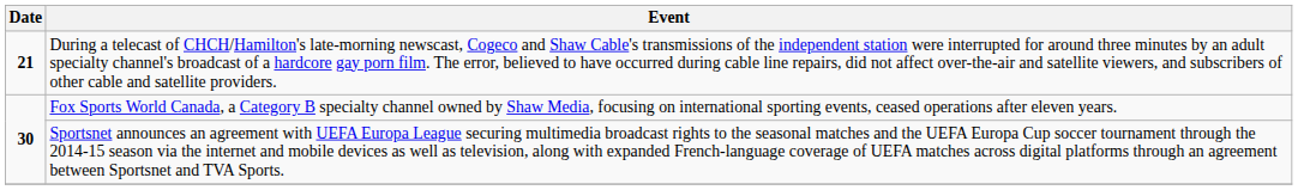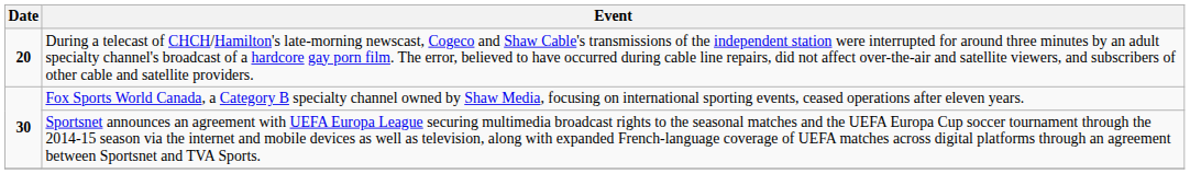 <table class="wikitable">
 <tr>
 <th>Date</th>
 <th>Event</th>
 </tr>
 <tr>
-<td style="text-align:center;"><strong>21</strong></td>
+<td style="text-align:center;"><strong>20</strong></td>
 <td>During a telecast of <a href='#'>CHCH</a>/<a href='#'>Hamilton</a>'s late-morning newscast, <a href='#'>Cogeco</a> and <a href='#'>Shaw Cable</a>'s transmissions of the <a href='#'>independent station</a> were interrupted for around three minutes by an adult specialty channel's broadcast of a <a href='#'>hardcore</a> <a href='#'>gay porn film</a>. The error, believed to have occurred during cable line repairs, did not affect over-the-air and satellite viewers, and subscribers of other cable and satellite providers.</td>
 </tr>
 <tr>
 <td style="text-align:center;" rowspan="2"><strong>30</strong></td>
 <td><a href='#'>Fox Sports World Canada</a>, a <a href='#'>Category B</a> specialty channel owned by <a href='#'>Shaw Media</a>, focusing on international sporting events, ceased operations after eleven years.</td>
 </tr>
 <tr>
 <td><a href='#'>Sportsnet</a> announces an agreement with <a href='#'>UEFA Europa League</a> securing multimedia broadcast rights to the seasonal matches and the UEFA Europa Cup soccer tournament through the 2014-15 season via the internet and mobile devices as well as television, along with expanded French-language coverage of UEFA matches across digital platforms through an agreement between Sportsnet and TVA Sports.</td>
 </tr>
 <tr>
 </tr>
 </table>
